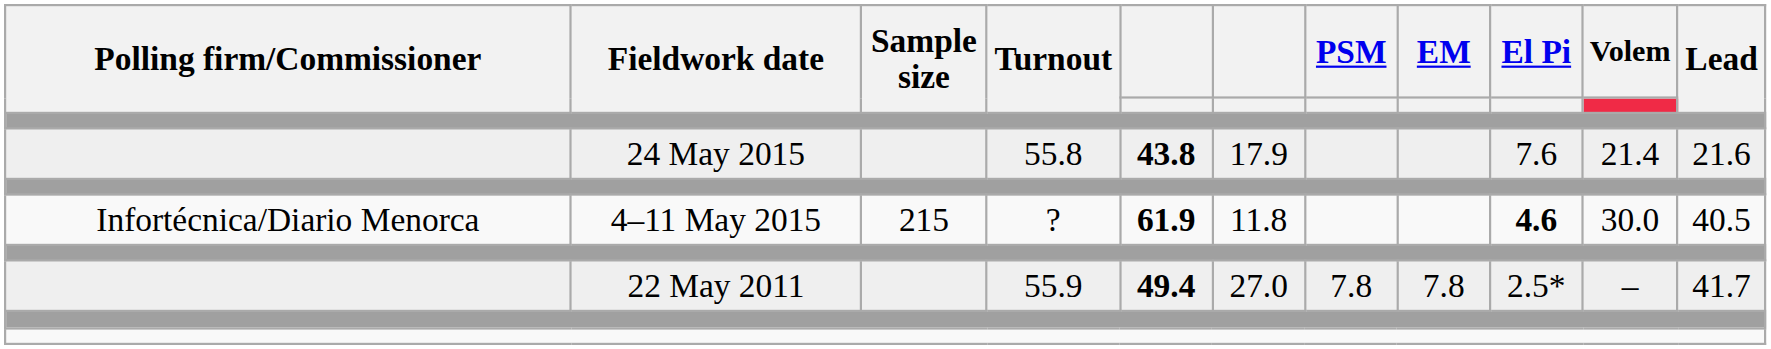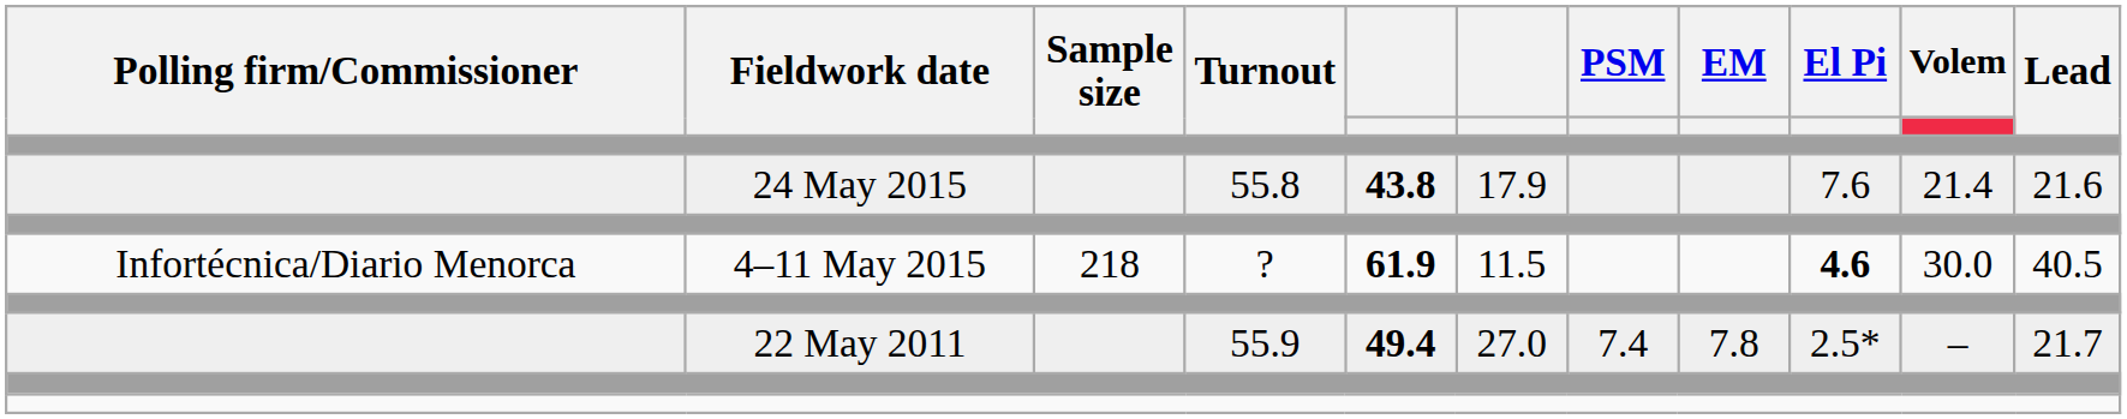 <table class="wikitable collapsible collapsed" style="text-align:center; font-size:95%; line-height:16px;">
 <tr style="height:42px;">
 <th style="width:250px;" rowspan="2">Polling firm/Commissioner</th>
 <th style="width:125px;" rowspan="2">Fieldwork date</th>
 <th style="width:50px;" rowspan="2">Sample size</th>
 <th style="width:45px;" rowspan="2">Turnout</th>
 <th style="width:35px;"></th>
 <th style="width:35px;"></th>
 <th style="width:35px;"><a href='#'>PSM</a></th>
 <th style="width:35px;"><a href='#'>EM</a></th>
 <th style="width:35px;"><a href='#'>El Pi</a></th>
 <th style="width:35px; font-size:90%;">Volem</th>
 <th style="width:30px;" rowspan="2">Lead</th>
 </tr>
 <tr>
 <th style="color:inherit;background:"></th>
 <th style="color:inherit;background:"></th>
 <th style="color:inherit;background:"></th>
 <th style="color:inherit;background:"></th>
 <th style="color:inherit;background:"></th>
 <th style="color:inherit;background:#F02A46;"></th>
 </tr>
 <tr>
 <td colspan="11" style="background:#A0A0A0"></td>
 </tr>
 <tr style="background:#EFEFEF;">
 <td><strong></strong></td>
 <td>24 May 2015</td>
 <td></td>
 <td>55.8</td>
 <td><strong>43.8</strong><br></td>
 <td>17.9<br></td>
 <td></td>
 <td></td>
 <td>7.6<br></td>
 <td>21.4<br></td>
 <td style="background:">21.6</td>
 </tr>
 <tr>
 <td colspan="11" style="background:#A0A0A0"></td>
 </tr>
 <tr>
 <td>Infortécnica/Diario Menorca</td>
 <td>4–11 May 2015</td>
-<td>215</td>
+<td>218</td>
 <td>?</td>
 <td><strong>61.9</strong><br></td>
-<td>11.8<br></td>
+<td>11.5<br></td>
 <td></td>
 <td></td>
 <td><strong>4.6<br></strong></td>
 <td>30.0<br></td>
 <td style="background:">40.5</td>
 </tr>
 <tr>
 <td colspan="11" style="background:#A0A0A0"></td>
 </tr>
 <tr style="background:#EFEFEF;">
 <td><strong></strong></td>
 <td>22 May 2011</td>
 <td></td>
 <td>55.9</td>
 <td><strong>49.4</strong><br></td>
 <td>27.0<br></td>
-<td>7.8<br></td>
+<td>7.4<br></td>
 <td>7.8<br></td>
 <td>2.5*<br></td>
 <td>–</td>
-<td style="background:">41.7</td>
+<td style="background:">21.7</td>
 </tr>
 <tr>
 <td colspan="11" style="background:#A0A0A0"></td>
 </tr>
 <tr>
 <td align="left" colspan="11"></td>
 </tr>
 </table>
